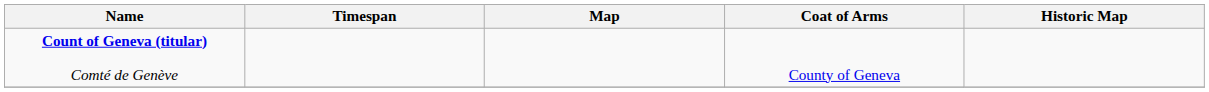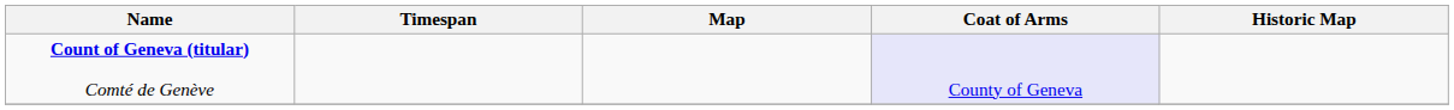 <table class="wikitable" style="text-align:center; width:100%">
 <tr>
 <th width=20%>Name</th>
 <th width=20%>Timespan</th>
 <th width=20%>Map</th>
 <th width=20%>Coat of Arms</th>
 <th width=20%>Historic Map</th>
 </tr>
 <tr>
 <td><strong><a href='#'>Count of Geneva (titular)</a></strong><br><br><em>Comté de Genève</em></td>
 <td></td>
 <td></td>
-<td><br><br> <a href='#'>County of Geneva</a></td>
+<td style="background: lavender;"><br><br> <a href='#'>County of Geneva</a></td>
 <td></td>
 </tr>
 <tr>
 </tr>
 </table>
